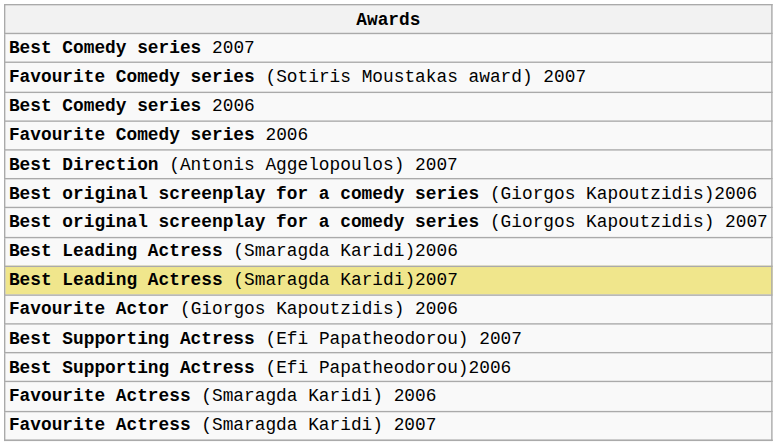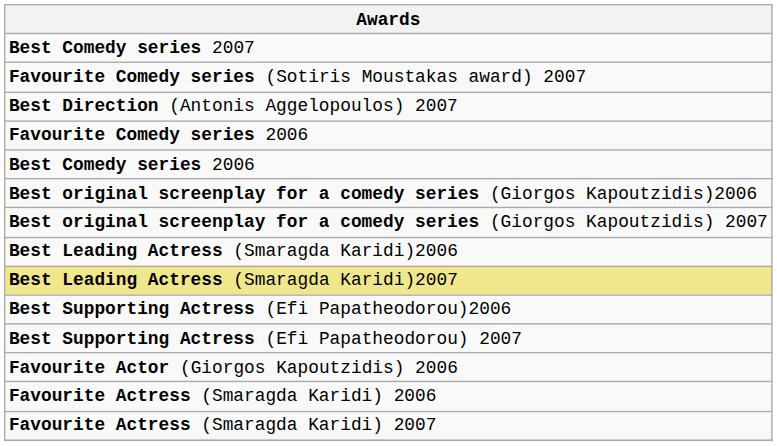 <table class="wikitable">
 <tr>
 <th>Awards</th>
 </tr>
 <tr>
 <td><strong>Best Comedy series</strong> 2007</td>
 </tr>
 <tr>
 <td><strong>Favourite Comedy series</strong> (Sotiris Moustakas award) 2007</td>
 </tr>
 <tr>
-<td><strong>Best Comedy series</strong> 2006</td>
+<td><strong>Best Direction</strong> (Antonis Aggelopoulos) 2007</td>
 </tr>
 <tr>
 <td><strong>Favourite Comedy series</strong> 2006</td>
 </tr>
 <tr>
-<td><strong>Best Direction</strong> (Antonis Aggelopoulos) 2007</td>
+<td><strong>Best Comedy series</strong> 2006</td>
 </tr>
 <tr>
 <td><strong>Best original screenplay for a comedy series</strong> (Giorgos Kapoutzidis)2006</td>
 </tr>
 <tr>
 <td><strong>Best original screenplay for a comedy series</strong> (Giorgos Kapoutzidis) 2007</td>
 </tr>
 <tr>
 <td><strong>Best Leading Actress</strong> (Smaragda Karidi)2006</td>
 </tr>
 <tr>
 <td style="background: khaki;"><strong>Best Leading Actress</strong> (Smaragda Karidi)2007</td>
 </tr>
 <tr>
-<td><strong>Favourite Actor</strong> (Giorgos Kapoutzidis) 2006</td>
+<td><strong>Best Supporting Actress</strong> (Efi Papatheodorou)2006</td>
 </tr>
 <tr>
 <td><strong>Best Supporting Actress</strong> (Efi Papatheodorou) 2007</td>
 </tr>
 <tr>
-<td><strong>Best Supporting Actress</strong> (Efi Papatheodorou)2006</td>
+<td><strong>Favourite Actor</strong> (Giorgos Kapoutzidis) 2006</td>
 </tr>
 <tr>
 <td><strong>Favourite Actress</strong> (Smaragda Karidi) 2006</td>
 </tr>
 <tr>
 <td><strong>Favourite Actress</strong> (Smaragda Karidi) 2007</td>
 </tr>
 <tr>
 </tr>
 </table>
